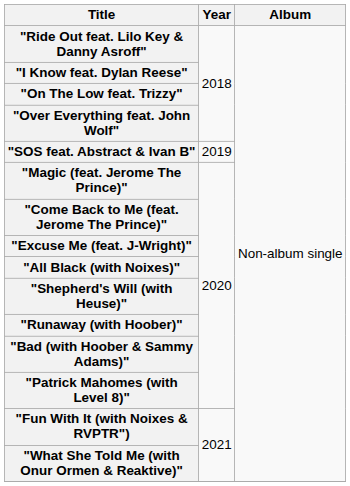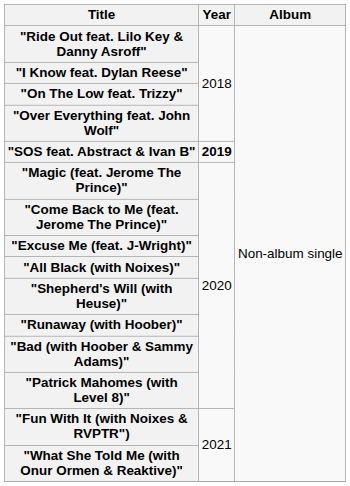 <table class="wikitable plainrowheaders" style="text-align:center;">
 <tr>
 <th scope="col" style="width:14em;">Title</th>
 <th scope="col">Year</th>
 <th scope="col">Album</th>
 </tr>
 <tr>
 <th scope="row">"Ride Out feat. Lilo Key & Danny Asroff"</th>
 <td rowspan="4">2018</td>
 <td rowspan="15">Non-album single</td>
 </tr>
 <tr>
 <th scope="row">"I Know feat. Dylan Reese"</th>
 </tr>
 <tr>
 <th scope="row">"On The Low feat. Trizzy"</th>
 </tr>
 <tr>
 <th scope="row">"Over Everything feat. John Wolf"</th>
 </tr>
 <tr>
 <th scope="row">"SOS feat. Abstract & Ivan B"</th>
-<td rowspan="1">2019</td>
+<td rowspan="1"><strong>2019</strong></td>
 </tr>
 <tr>
 <th scope="row">"Magic (feat. Jerome The Prince)"</th>
 <td rowspan="8">2020</td>
 </tr>
 <tr>
 <th scope="row">"Come Back to Me (feat. Jerome The Prince)"</th>
 </tr>
 <tr>
 <th scope="row">"Excuse Me (feat. J-Wright)"</th>
 </tr>
 <tr>
 <th scope="row">"All Black (with Noixes)"</th>
 </tr>
 <tr>
 <th scope="row">"Shepherd's Will (with Heuse)"</th>
 </tr>
 <tr>
 <th scope="row">"Runaway (with Hoober)"</th>
 </tr>
 <tr>
 <th scope="row">"Bad (with Hoober & Sammy Adams)"</th>
 </tr>
 <tr>
 <th scope="row">"Patrick Mahomes (with Level 8)"</th>
 </tr>
 <tr>
 <th scope="row">"Fun With It (with Noixes & RVPTR")</th>
 <td rowspan="2">2021</td>
 </tr>
 <tr>
 <th scope="row">"What She Told Me (with Onur Ormen & Reaktive)"</th>
 </tr>
 <tr>
 </tr>
 </table>
